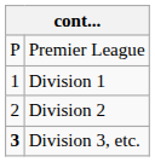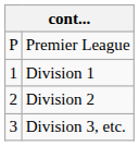 <table class="wikitable" style="font-size:85%">
 <tr>
 <th colspan=2>cont...</th>
 </tr>
 <tr>
 <td style="text-align: center;">P</td>
 <td>Premier League</td>
 </tr>
 <tr>
 <td style="text-align: center;">1</td>
 <td>Division 1</td>
 </tr>
 <tr>
 <td style="text-align: center;">2</td>
 <td>Division 2</td>
 </tr>
 <tr>
-<td style="text-align: center;"><strong>3</strong></td>
+<td style="text-align: center;">3</td>
 <td>Division 3, etc.</td>
 </tr>
 </table>
